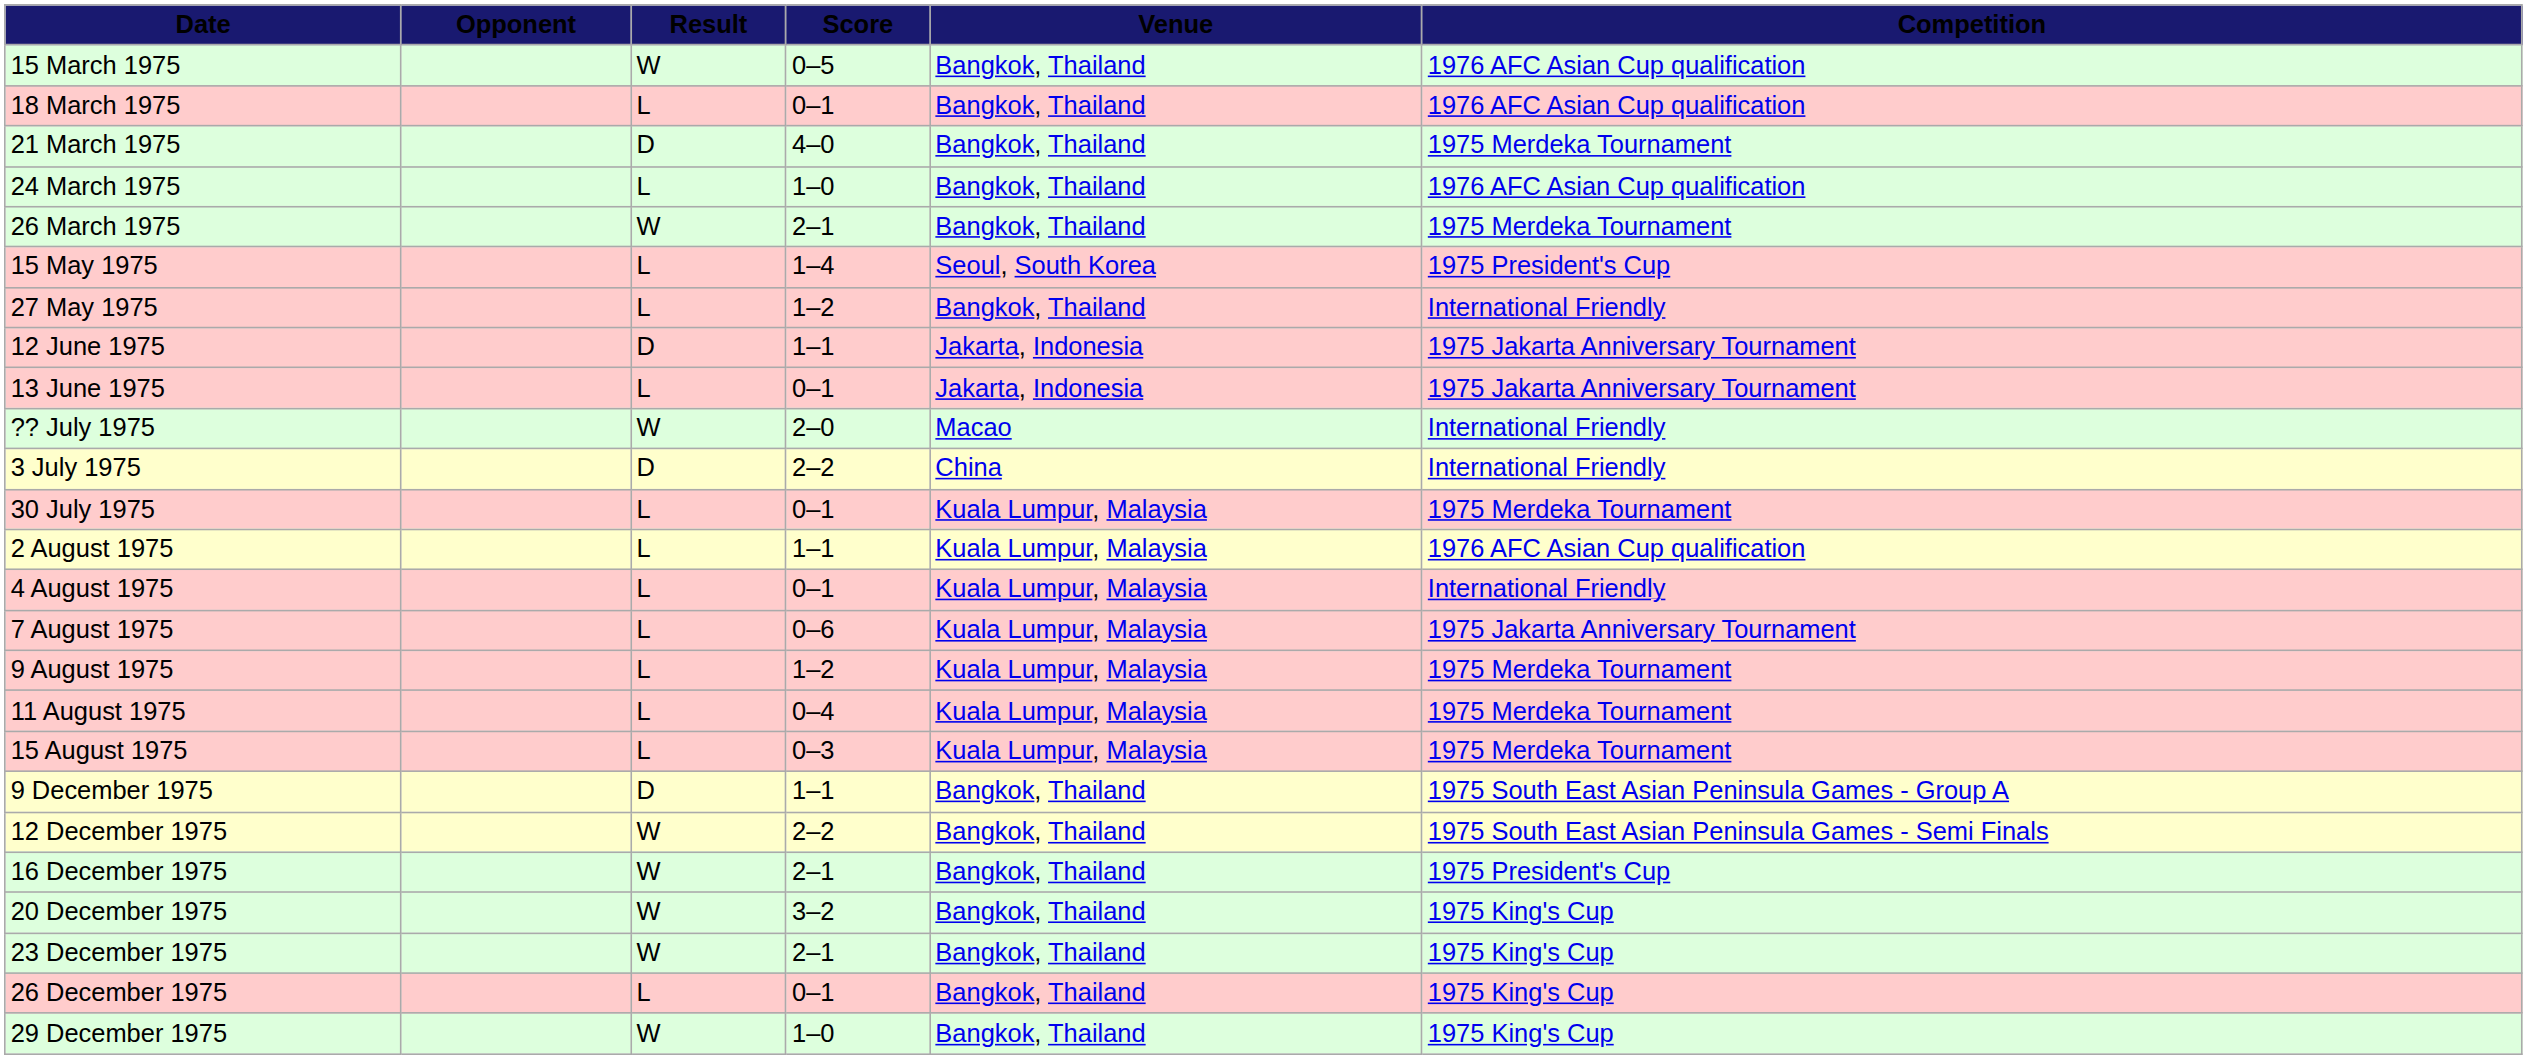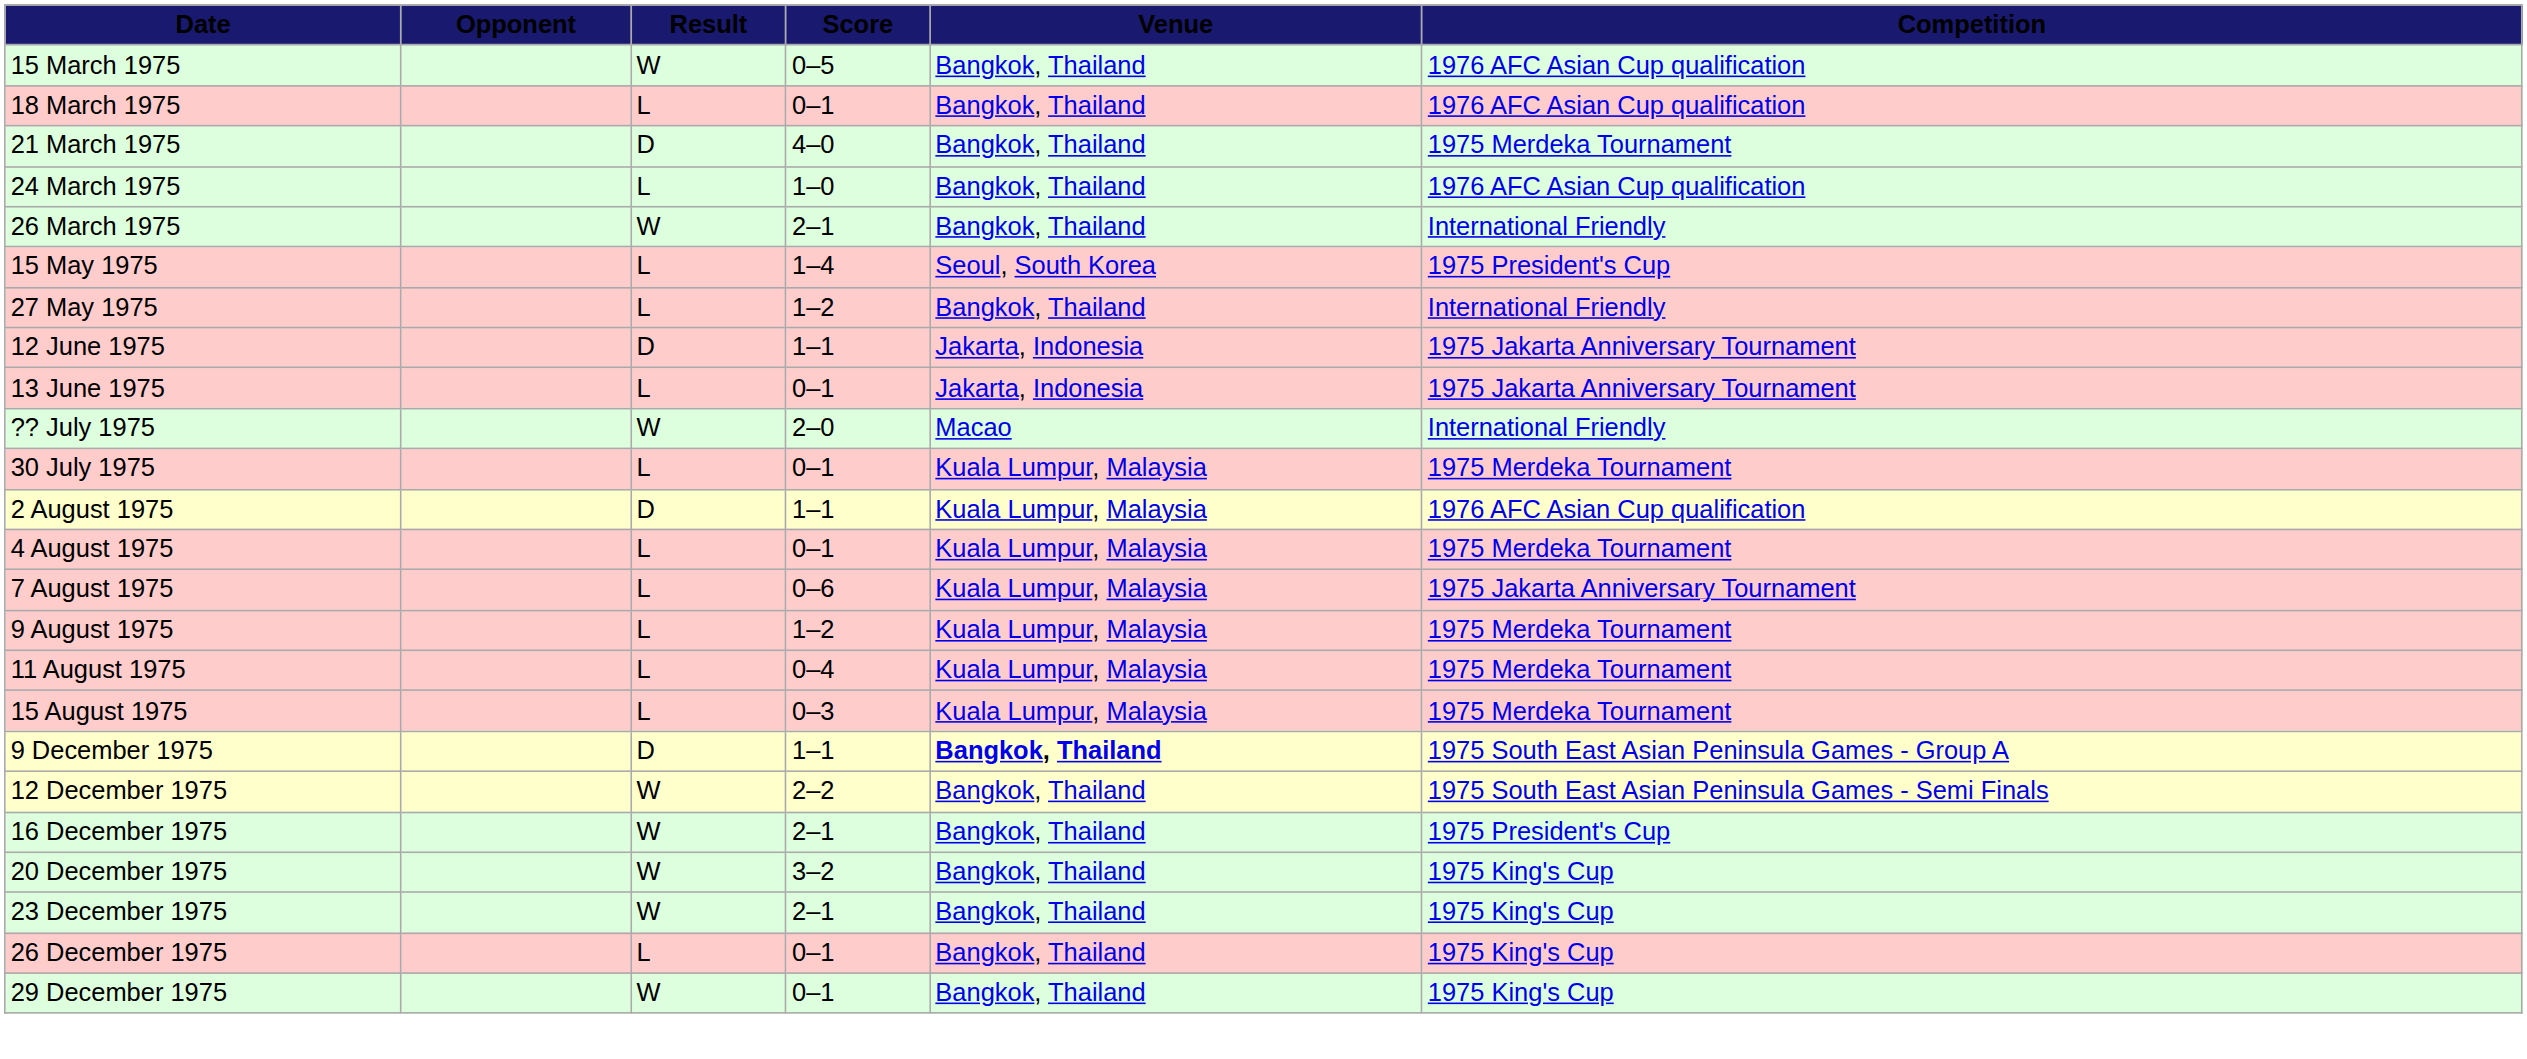 <table style="width:100%;" class="wikitable">
 <tr>
 <th style="background:#191970;"><span>Date</span></th>
 <th style="background:#191970;"><span>Opponent</span></th>
 <th style="background:#191970;"><span>Result</span></th>
 <th style="background:#191970;"><span>Score</span></th>
 <th style="background:#191970;"><span>Venue</span></th>
 <th style="background:#191970;"><span>Competition</span></th>
 </tr>
 <tr style="background:#dfd;">
 <td>15 March 1975</td>
 <td></td>
 <td>W</td>
 <td>0–5</td>
 <td> <a href='#'>Bangkok</a>, <a href='#'>Thailand</a></td>
 <td><a href='#'>1976 AFC Asian Cup qualification</a></td>
 </tr>
 <tr style="background:#fcc;">
 <td>18 March 1975</td>
 <td></td>
 <td>L</td>
 <td>0–1</td>
 <td> <a href='#'>Bangkok</a>, <a href='#'>Thailand</a></td>
 <td><a href='#'>1976 AFC Asian Cup qualification</a></td>
 </tr>
 <tr style="background:#dfd;">
 <td>21 March 1975</td>
 <td></td>
 <td>D</td>
 <td>4–0</td>
 <td> <a href='#'>Bangkok</a>, <a href='#'>Thailand</a></td>
 <td><a href='#'>1975 Merdeka Tournament</a></td>
 </tr>
 <tr style="background:#dfd;">
 <td>24 March 1975</td>
 <td></td>
 <td>L</td>
 <td>1–0</td>
 <td> <a href='#'>Bangkok</a>, <a href='#'>Thailand</a></td>
 <td><a href='#'>1976 AFC Asian Cup qualification</a></td>
 </tr>
 <tr style="background:#dfd;">
 <td>26 March 1975</td>
 <td></td>
 <td>W</td>
 <td>2–1</td>
 <td> <a href='#'>Bangkok</a>, <a href='#'>Thailand</a></td>
-<td><a href='#'>1975 Merdeka Tournament</a></td>
+<td><a href='#'>International Friendly</a></td>
 </tr>
 <tr style="background:#fcc;">
 <td>15 May 1975</td>
 <td></td>
 <td>L</td>
 <td>1–4</td>
 <td> <a href='#'>Seoul</a>, <a href='#'>South Korea</a></td>
 <td><a href='#'>1975 President's Cup</a></td>
 </tr>
 <tr style="background:#fcc;">
 <td>27 May 1975</td>
 <td></td>
 <td>L</td>
 <td>1–2</td>
 <td> <a href='#'>Bangkok</a>, <a href='#'>Thailand</a></td>
 <td><a href='#'>International Friendly</a></td>
 </tr>
 <tr style="background:#fcc;">
 <td>12 June 1975</td>
 <td></td>
 <td>D</td>
 <td>1–1</td>
 <td> <a href='#'>Jakarta</a>, <a href='#'>Indonesia</a></td>
 <td><a href='#'>1975 Jakarta Anniversary Tournament</a></td>
 </tr>
 <tr style="background:#fcc;">
 <td>13 June 1975</td>
 <td></td>
 <td>L</td>
 <td>0–1</td>
 <td> <a href='#'>Jakarta</a>, <a href='#'>Indonesia</a></td>
 <td><a href='#'>1975 Jakarta Anniversary Tournament</a></td>
 </tr>
 <tr style="background:#dfd;">
 <td>?? July 1975</td>
 <td></td>
 <td>W</td>
 <td>2–0</td>
 <td> <a href='#'>Macao</a></td>
 <td><a href='#'>International Friendly</a></td>
 </tr>
-<tr style="background:#ffc;">
-<td>3 July 1975</td>
-<td></td>
-<td>D</td>
-<td>2–2</td>
-<td> <a href='#'>China</a></td>
-<td><a href='#'>International Friendly</a></td>
-</tr>
 <tr style="background:#fcc;">
 <td>30 July 1975</td>
 <td></td>
 <td>L</td>
 <td>0–1</td>
 <td> <a href='#'>Kuala Lumpur</a>, <a href='#'>Malaysia</a></td>
 <td><a href='#'>1975 Merdeka Tournament</a></td>
 </tr>
 <tr style="background:#ffc;">
 <td>2 August 1975</td>
 <td></td>
-<td>L</td>
+<td>D</td>
 <td>1–1</td>
 <td> <a href='#'>Kuala Lumpur</a>, <a href='#'>Malaysia</a></td>
 <td><a href='#'>1976 AFC Asian Cup qualification</a></td>
 </tr>
 <tr style="background:#fcc;">
 <td>4 August 1975</td>
 <td></td>
 <td>L</td>
 <td>0–1</td>
 <td> <a href='#'>Kuala Lumpur</a>, <a href='#'>Malaysia</a></td>
-<td><a href='#'>International Friendly</a></td>
+<td><a href='#'>1975 Merdeka Tournament</a></td>
 </tr>
 <tr style="background:#fcc;">
 <td>7 August 1975</td>
 <td></td>
 <td>L</td>
 <td>0–6</td>
 <td> <a href='#'>Kuala Lumpur</a>, <a href='#'>Malaysia</a></td>
 <td><a href='#'>1975 Jakarta Anniversary Tournament</a></td>
 </tr>
 <tr style="background:#fcc;">
 <td>9 August 1975</td>
 <td></td>
 <td>L</td>
 <td>1–2</td>
 <td> <a href='#'>Kuala Lumpur</a>, <a href='#'>Malaysia</a></td>
 <td><a href='#'>1975 Merdeka Tournament</a></td>
 </tr>
 <tr style="background:#fcc;">
 <td>11 August 1975</td>
 <td></td>
 <td>L</td>
 <td>0–4</td>
 <td> <a href='#'>Kuala Lumpur</a>, <a href='#'>Malaysia</a></td>
 <td><a href='#'>1975 Merdeka Tournament</a></td>
 </tr>
 <tr style="background:#fcc;">
 <td>15 August 1975</td>
 <td></td>
 <td>L</td>
 <td>0–3</td>
 <td> <a href='#'>Kuala Lumpur</a>, <a href='#'>Malaysia</a></td>
 <td><a href='#'>1975 Merdeka Tournament</a></td>
 </tr>
 <tr style="background:#ffc;">
 <td>9 December 1975</td>
 <td></td>
 <td>D</td>
 <td>1–1</td>
-<td> <a href='#'>Bangkok</a>, <a href='#'>Thailand</a></td>
+<td><strong> <a href='#'>Bangkok</a>, <a href='#'>Thailand</a></strong></td>
 <td><a href='#'>1975 South East Asian Peninsula Games - Group A</a></td>
 </tr>
 <tr style="background:#ffc;">
 <td>12 December 1975</td>
 <td></td>
 <td>W</td>
 <td>2–2</td>
 <td> <a href='#'>Bangkok</a>, <a href='#'>Thailand</a></td>
 <td><a href='#'>1975 South East Asian Peninsula Games - Semi Finals</a></td>
 </tr>
 <tr style="background:#dfd;">
 <td>16 December 1975</td>
 <td></td>
 <td>W</td>
 <td>2–1</td>
 <td> <a href='#'>Bangkok</a>, <a href='#'>Thailand</a></td>
 <td><a href='#'>1975 President's Cup</a></td>
 </tr>
 <tr style="background:#dfd;">
 <td>20 December 1975</td>
 <td></td>
 <td>W</td>
 <td>3–2</td>
 <td> <a href='#'>Bangkok</a>, <a href='#'>Thailand</a></td>
 <td><a href='#'>1975 King's Cup</a></td>
 </tr>
 <tr style="background:#dfd;">
 <td>23 December 1975</td>
 <td></td>
 <td>W</td>
 <td>2–1</td>
 <td> <a href='#'>Bangkok</a>, <a href='#'>Thailand</a></td>
 <td><a href='#'>1975 King's Cup</a></td>
 </tr>
 <tr style="background:#fcc;">
 <td>26 December 1975</td>
 <td></td>
 <td>L</td>
 <td>0–1</td>
 <td> <a href='#'>Bangkok</a>, <a href='#'>Thailand</a></td>
 <td><a href='#'>1975 King's Cup</a></td>
 </tr>
 <tr style="background:#dfd;">
 <td>29 December 1975</td>
 <td></td>
 <td>W</td>
-<td>1–0</td>
+<td>0–1</td>
 <td> <a href='#'>Bangkok</a>, <a href='#'>Thailand</a></td>
 <td><a href='#'>1975 King's Cup</a></td>
 </tr>
 </table>
